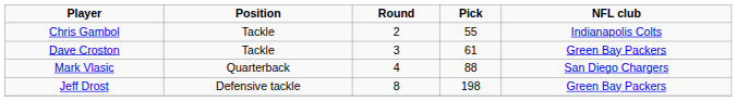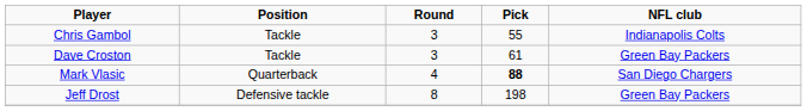 <table class="wikitable" width="80%">
 <tr align="center">
 <td><strong>Player</strong></td>
 <td><strong>Position</strong></td>
 <td><strong>Round</strong></td>
 <td><strong>Pick</strong></td>
 <td><strong>NFL club</strong></td>
 </tr>
 <tr align="center" bgcolor="">
 <td><a href='#'>Chris Gambol</a></td>
 <td>Tackle</td>
-<td>2</td>
+<td>3</td>
 <td>55</td>
 <td><a href='#'>Indianapolis Colts</a></td>
 </tr>
 <tr align="center" bgcolor="">
 <td><a href='#'>Dave Croston</a></td>
 <td>Tackle</td>
 <td>3</td>
 <td>61</td>
 <td><a href='#'>Green Bay Packers</a></td>
 </tr>
 <tr align="center" bgcolor="">
 <td><a href='#'>Mark Vlasic</a></td>
 <td>Quarterback</td>
 <td>4</td>
-<td>88</td>
+<td><strong>88</strong></td>
 <td><a href='#'>San Diego Chargers</a></td>
 </tr>
 <tr align="center" bgcolor="">
 <td><a href='#'>Jeff Drost</a></td>
 <td>Defensive tackle</td>
 <td>8</td>
 <td>198</td>
 <td><a href='#'>Green Bay Packers</a></td>
 </tr>
 <tr align="center" bgcolor="">
 </tr>
 </table>
